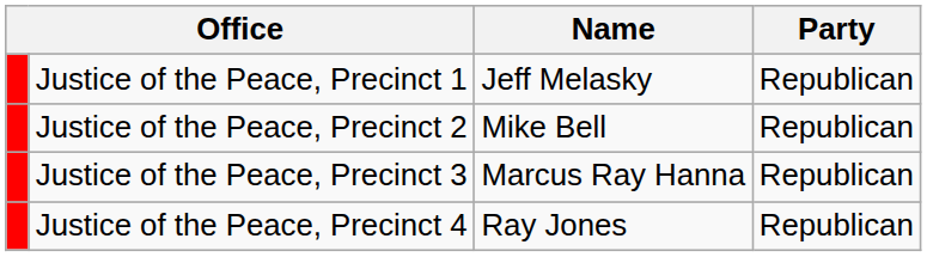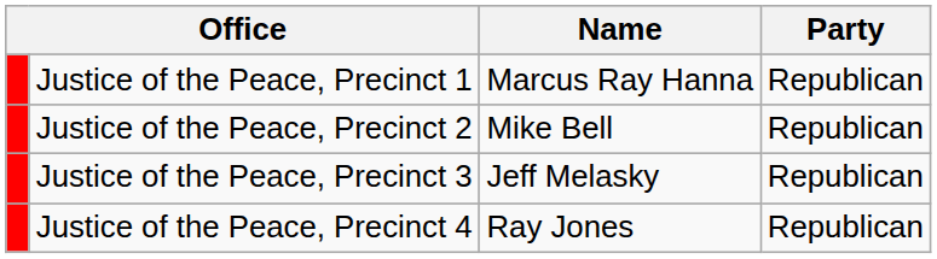 <table class="wikitable">
 <tr>
 <th colspan="2">Office</th>
 <th>Name</th>
 <th>Party</th>
 </tr>
 <tr>
 <td bgcolor="red"> </td>
 <td>Justice of the Peace, Precinct 1</td>
-<td>Jeff Melasky</td>
+<td>Marcus Ray Hanna</td>
 <td>Republican</td>
 </tr>
 <tr>
 <td bgcolor="red"> </td>
 <td>Justice of the Peace, Precinct 2</td>
 <td>Mike Bell</td>
 <td>Republican</td>
 </tr>
 <tr>
 <td bgcolor="red"> </td>
 <td>Justice of the Peace, Precinct 3</td>
-<td>Marcus Ray Hanna</td>
+<td>Jeff Melasky</td>
 <td>Republican</td>
 </tr>
 <tr>
 <td bgcolor="red"> </td>
 <td>Justice of the Peace, Precinct 4</td>
 <td>Ray Jones</td>
 <td>Republican</td>
 </tr>
 </table>
